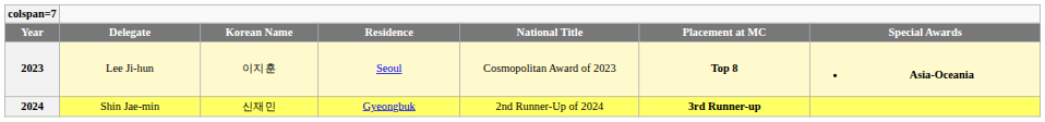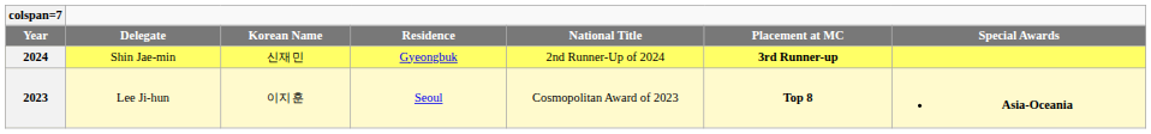 <table class="wikitable sortable" style="font-size: 85%; text-align:center">
 <tr>
 <th>colspan=7 </th>
 </tr>
 <tr>
 <th width="60" style="background-color:#787878;color:#FFFFFF;">Year</th>
 <th width="180" style="background-color:#787878;color:#FFFFFF;">Delegate</th>
 <th width="150" style="background-color:#787878;color:#FFFFFF;">Korean Name</th>
 <th width="180" style="background-color:#787878;color:#FFFFFF;">Residence</th>
 <th width="230" style="background-color:#787878;color:#FFFFFF;">National Title</th>
 <th width="220" style="background-color:#787878;color:#FFFFFF;">Placement at MC</th>
 <th width="300" style="background-color:#787878;color:#FFFFFF;">Special Awards</th>
 </tr>
+<tr style="background-color:#FFFF66;">
+<th>2024</th>
+<td>Shin Jae-min</td>
+<td>신재민</td>
+<td><a href='#'>Gyeongbuk</a></td>
+<td>2nd Runner-Up of 2024</td>
+<td><strong>3rd Runner-up</strong></td>
+<td></td>
+</tr>
 <tr style="background-color:#FFFACD;">
 <th>2023</th>
 <td>Lee Ji-hun</td>
 <td>이지훈</td>
 <td><a href='#'>Seoul</a></td>
 <td>Cosmopolitan Award of 2023</td>
 <td><strong>Top 8</strong></td>
 <td><br><ul><li><strong> Asia-Oceania</strong></li></ul></td>
 </tr>
-<tr style="background-color:#FFFF66;">
-<th>2024</th>
-<td>Shin Jae-min</td>
-<td>신재민</td>
-<td><a href='#'>Gyeongbuk</a></td>
-<td>2nd Runner-Up of 2024</td>
-<td><strong>3rd Runner-up</strong></td>
-<td></td>
-</tr>
 </table>
